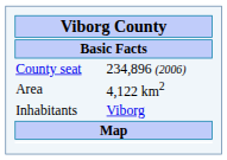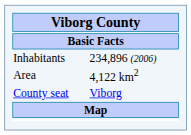 <table colspan="4" width=250 style="border: 1px solid #6688AA; background-color:#f0f6fa; margin:0.5em; padding:0.5em; float:right" valign="top" |>
 <tr>
 <td style="border: 1px solid #1188AA; background-color:#c0ccfa" align="center" colspan="2"><big><strong>Viborg County</strong></big><br></td>
 </tr>
 <tr>
 <td style="border: 1px solid #1188AA; background-color:#c0ccfa" align="center" colspan="2"><strong>Basic Facts</strong></td>
 </tr>
 <tr>
-<td><a href='#'>County seat</a></td>
+<td>Inhabitants</td>
 <td>234,896 <small><em>(2006)</em></small></td>
 </tr>
 <tr>
 <td>Area</td>
 <td>4,122 km<sup>2</sup></td>
 </tr>
 <tr>
-<td>Inhabitants</td>
+<td><a href='#'>County seat</a></td>
 <td><a href='#'>Viborg</a></td>
 </tr>
 <tr>
 <td style="border: 1px solid #1188AA; background-color:#c0ccfa" align="center" colspan="2"><strong>Map</strong></td>
 </tr>
 <tr>
 <td bgcolor=#FFFFFF align="center" colspan="2"></td>
 </tr>
 <tr>
 </tr>
 </table>
